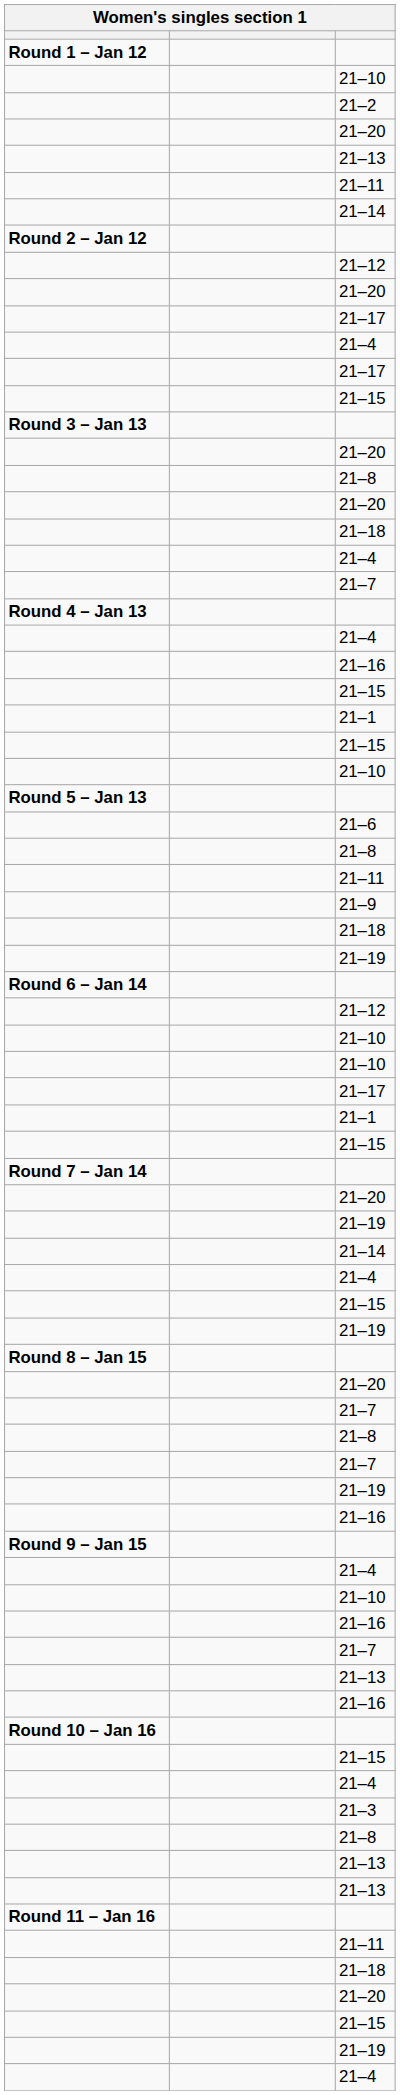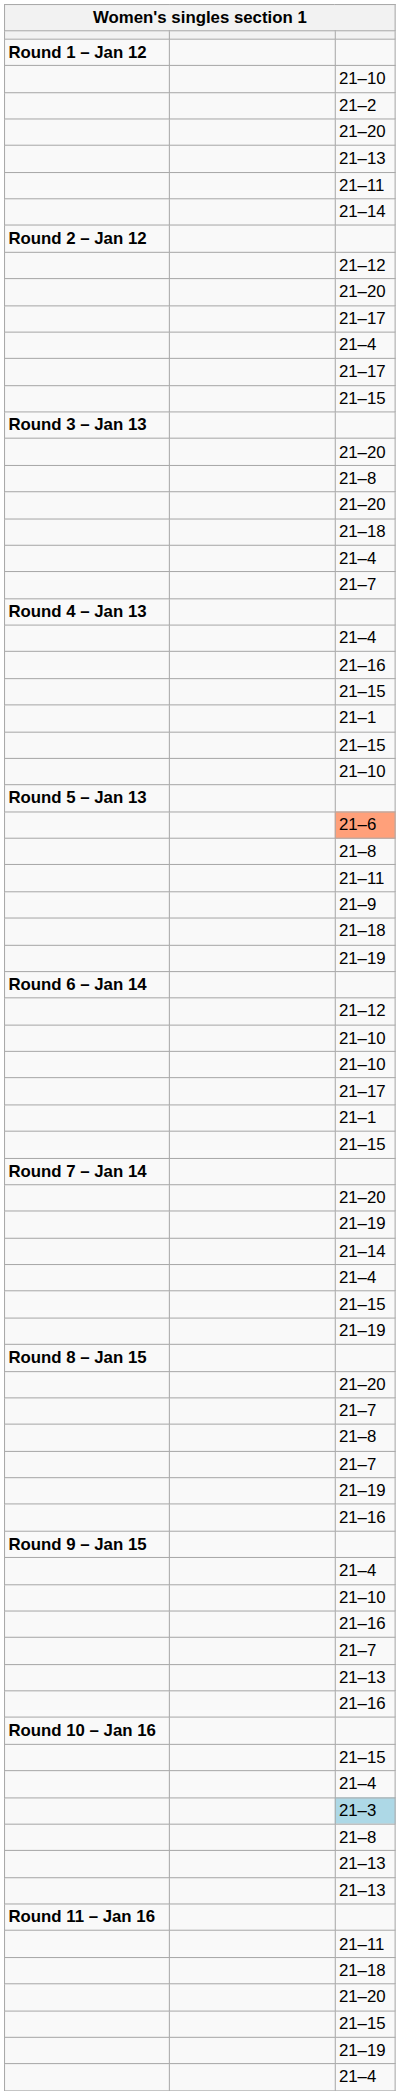 <table class="wikitable">
 <tr>
 <th colspan="3">Women's singles section 1</th>
 </tr>
 <tr>
 <th width=150></th>
 <th width=150></th>
 <th width=50></th>
 </tr>
 <tr>
 <td><strong>Round 1 – Jan 12</strong></td>
 <td></td>
 <td></td>
 </tr>
 <tr>
 <td></td>
 <td></td>
 <td>21–10</td>
 </tr>
 <tr>
 <td></td>
 <td></td>
 <td>21–2</td>
 </tr>
 <tr>
 <td></td>
 <td></td>
 <td>21–20</td>
 </tr>
 <tr>
 <td></td>
 <td></td>
 <td>21–13</td>
 </tr>
 <tr>
 <td></td>
 <td></td>
 <td>21–11</td>
 </tr>
 <tr>
 <td></td>
 <td></td>
 <td>21–14</td>
 </tr>
 <tr>
 <td><strong>Round 2 – Jan 12</strong></td>
 <td></td>
 <td></td>
 </tr>
 <tr>
 <td></td>
 <td></td>
 <td>21–12</td>
 </tr>
 <tr>
 <td></td>
 <td></td>
 <td>21–20</td>
 </tr>
 <tr>
 <td></td>
 <td></td>
 <td>21–17</td>
 </tr>
 <tr>
 <td></td>
 <td></td>
 <td>21–4</td>
 </tr>
 <tr>
 <td></td>
 <td></td>
 <td>21–17</td>
 </tr>
 <tr>
 <td></td>
 <td></td>
 <td>21–15</td>
 </tr>
 <tr>
 <td><strong>Round 3 – Jan 13</strong></td>
 <td></td>
 <td></td>
 </tr>
 <tr>
 <td></td>
 <td></td>
 <td>21–20</td>
 </tr>
 <tr>
 <td></td>
 <td></td>
 <td>21–8</td>
 </tr>
 <tr>
 <td></td>
 <td></td>
 <td>21–20</td>
 </tr>
 <tr>
 <td></td>
 <td></td>
 <td>21–18</td>
 </tr>
 <tr>
 <td></td>
 <td></td>
 <td>21–4</td>
 </tr>
 <tr>
 <td></td>
 <td></td>
 <td>21–7</td>
 </tr>
 <tr>
 <td><strong>Round 4 – Jan 13</strong></td>
 <td></td>
 <td></td>
 </tr>
 <tr>
 <td></td>
 <td></td>
 <td>21–4</td>
 </tr>
 <tr>
 <td></td>
 <td></td>
 <td>21–16</td>
 </tr>
 <tr>
 <td></td>
 <td></td>
 <td>21–15</td>
 </tr>
 <tr>
 <td></td>
 <td></td>
 <td>21–1</td>
 </tr>
 <tr>
 <td></td>
 <td></td>
 <td>21–15</td>
 </tr>
 <tr>
 <td></td>
 <td></td>
 <td>21–10</td>
 </tr>
 <tr>
 <td><strong>Round 5 – Jan 13</strong></td>
 <td></td>
 <td></td>
 </tr>
 <tr>
 <td></td>
 <td></td>
-<td>21–6</td>
+<td style="background: lightsalmon;">21–6</td>
 </tr>
 <tr>
 <td></td>
 <td></td>
 <td>21–8</td>
 </tr>
 <tr>
 <td></td>
 <td></td>
 <td>21–11</td>
 </tr>
 <tr>
 <td></td>
 <td></td>
 <td>21–9</td>
 </tr>
 <tr>
 <td></td>
 <td></td>
 <td>21–18</td>
 </tr>
 <tr>
 <td></td>
 <td></td>
 <td>21–19</td>
 </tr>
 <tr>
 <td><strong>Round 6  – Jan 14</strong></td>
 <td></td>
 <td></td>
 </tr>
 <tr>
 <td></td>
 <td></td>
 <td>21–12</td>
 </tr>
 <tr>
 <td></td>
 <td></td>
 <td>21–10</td>
 </tr>
 <tr>
 <td></td>
 <td></td>
 <td>21–10</td>
 </tr>
 <tr>
 <td></td>
 <td></td>
 <td>21–17</td>
 </tr>
 <tr>
 <td></td>
 <td></td>
 <td>21–1</td>
 </tr>
 <tr>
 <td></td>
 <td></td>
 <td>21–15</td>
 </tr>
 <tr>
 <td><strong>Round 7 – Jan 14</strong></td>
 <td></td>
 <td></td>
 </tr>
 <tr>
 <td></td>
 <td></td>
 <td>21–20</td>
 </tr>
 <tr>
 <td></td>
 <td></td>
 <td>21–19</td>
 </tr>
 <tr>
 <td></td>
 <td></td>
 <td>21–14</td>
 </tr>
 <tr>
 <td></td>
 <td></td>
 <td>21–4</td>
 </tr>
 <tr>
 <td></td>
 <td></td>
 <td>21–15</td>
 </tr>
 <tr>
 <td></td>
 <td></td>
 <td>21–19</td>
 </tr>
 <tr>
 <td><strong>Round 8 – Jan 15</strong></td>
 <td></td>
 <td></td>
 </tr>
 <tr>
 <td></td>
 <td></td>
 <td>21–20</td>
 </tr>
 <tr>
 <td></td>
 <td></td>
 <td>21–7</td>
 </tr>
 <tr>
 <td></td>
 <td></td>
 <td>21–8</td>
 </tr>
 <tr>
 <td></td>
 <td></td>
 <td>21–7</td>
 </tr>
 <tr>
 <td></td>
 <td></td>
 <td>21–19</td>
 </tr>
 <tr>
 <td></td>
 <td></td>
 <td>21–16</td>
 </tr>
 <tr>
 <td><strong>Round 9 – Jan 15</strong></td>
 <td></td>
 <td></td>
 </tr>
 <tr>
 <td></td>
 <td></td>
 <td>21–4</td>
 </tr>
 <tr>
 <td></td>
 <td></td>
 <td>21–10</td>
 </tr>
 <tr>
 <td></td>
 <td></td>
 <td>21–16</td>
 </tr>
 <tr>
 <td></td>
 <td></td>
 <td>21–7</td>
 </tr>
 <tr>
 <td></td>
 <td></td>
 <td>21–13</td>
 </tr>
 <tr>
 <td></td>
 <td></td>
 <td>21–16</td>
 </tr>
 <tr>
 <td><strong>Round 10 – Jan 16</strong></td>
 <td></td>
 <td></td>
 </tr>
 <tr>
 <td></td>
 <td></td>
 <td>21–15</td>
 </tr>
 <tr>
 <td></td>
 <td></td>
 <td>21–4</td>
 </tr>
 <tr>
 <td></td>
 <td></td>
-<td>21–3</td>
+<td style="background: lightblue;">21–3</td>
 </tr>
 <tr>
 <td></td>
 <td></td>
 <td>21–8</td>
 </tr>
 <tr>
 <td></td>
 <td></td>
 <td>21–13</td>
 </tr>
 <tr>
 <td></td>
 <td></td>
 <td>21–13</td>
 </tr>
 <tr>
 <td><strong>Round 11 – Jan 16</strong></td>
 <td></td>
 <td></td>
 </tr>
 <tr>
 <td></td>
 <td></td>
 <td>21–11</td>
 </tr>
 <tr>
 <td></td>
 <td></td>
 <td>21–18</td>
 </tr>
 <tr>
 <td></td>
 <td></td>
 <td>21–20</td>
 </tr>
 <tr>
 <td></td>
 <td></td>
 <td>21–15</td>
 </tr>
 <tr>
 <td></td>
 <td></td>
 <td>21–19</td>
 </tr>
 <tr>
 <td></td>
 <td></td>
 <td>21–4</td>
 </tr>
 </table>
